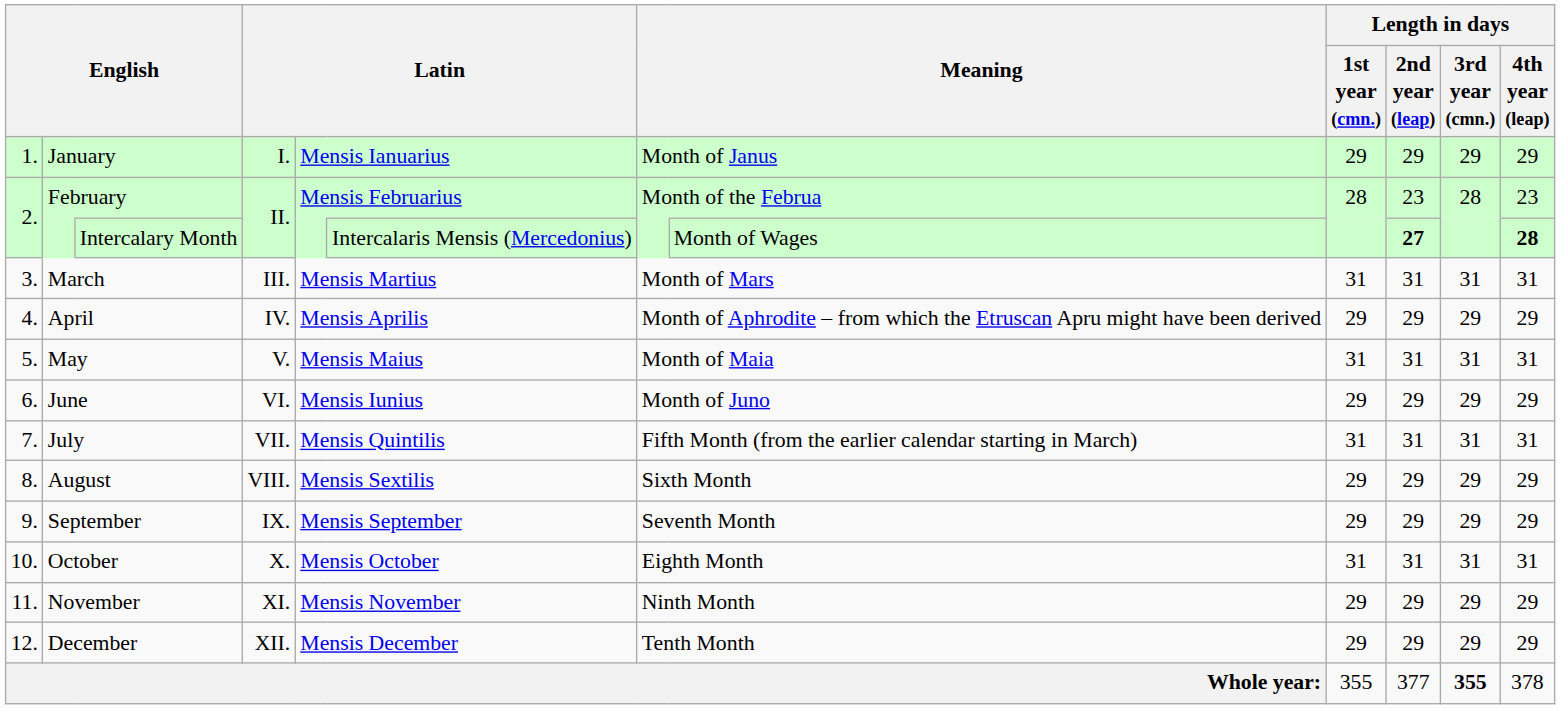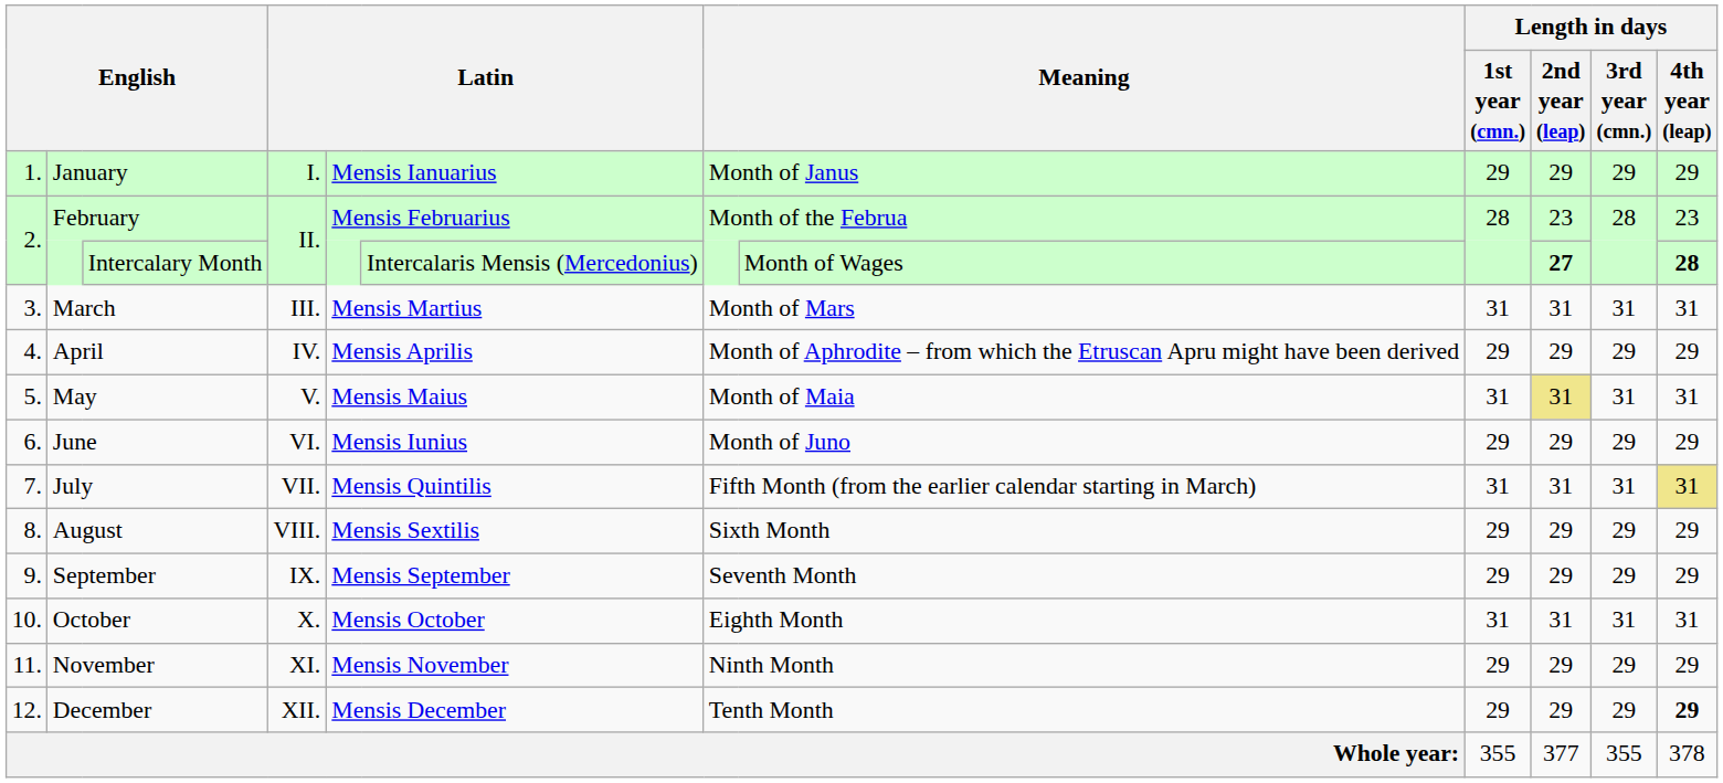 <table class="wikitable" style="margin:.5em auto;line-height:1.4">
 <tr>
 <th scope="col" colspan="3" rowspan="2">English</th>
 <th scope="col" colspan="3" rowspan="2">Latin</th>
 <th scope="col" colspan="2" rowspan="2">Meaning</th>
 <th scope="col" colspan="4">Length in days</th>
 </tr>
 <tr>
 <th scope="col" style="line-height:1.25">1st<br> year<br> <small>(<a href='#'>cmn.</a>)</small></th>
 <th scope="col" style="line-height:1.25">2nd<br> year<br> <small>(<a href='#'>leap</a>)</small></th>
 <th scope="col" style="line-height:1.25">3rd<br> year<br> <small>(cmn.)</small></th>
 <th scope="col" style="line-height:1.25">4th<br> year<br> <small>(leap)</small></th>
 </tr>
 <tr style="background:#CFC">
 <td style="text-align:right">1.</td>
 <td colspan="2">January</td>
 <td style="text-align:right">I.</td>
 <td colspan="2"><a href='#'>Mensis Ianuarius</a></td>
 <td colspan="2">Month of <a href='#'>Janus</a></td>
 <td style="text-align:center">29</td>
 <td style="text-align:center">29</td>
 <td style="text-align:center">29</td>
 <td style="text-align:center">29</td>
 </tr>
 <tr style="background:#CFC">
 <td rowspan="2" style="text-align:right">2.</td>
 <td colspan="2">February</td>
 <td rowspan="2" style="text-align:right">II.</td>
 <td colspan="2"><a href='#'>Mensis Februarius</a></td>
 <td colspan="2">Month of the <a href='#'>Februa</a></td>
 <td style="text-align:center">28</td>
 <td style="text-align:center">23</td>
 <td style="text-align:center">28</td>
 <td style="text-align:center">23</td>
 </tr>
 <tr style="background:#CFC">
 <td style="border-top:hidden;border-bottom:hidden;width:1em"> </td>
 <td>Intercalary Month</td>
 <td style="border-top:hidden;border-bottom:hidden;width:1em"> </td>
 <td>Intercalaris Mensis (<a href='#'>Mercedonius</a>)</td>
 <td style="border-top:hidden;border-bottom:hidden;width:1em"> </td>
 <td>Month of Wages</td>
 <td style="border-top:hidden;text-align:center"> </td>
 <td style="text-align:center"><strong>27</strong></td>
 <td style="border-top:hidden;text-align:center"> </td>
 <td style="text-align:center"><strong>28</strong></td>
 </tr>
 <tr>
 <td style="text-align:right">3.</td>
 <td colspan="2">March</td>
 <td style="text-align:right">III.</td>
 <td colspan="2"><a href='#'>Mensis Martius</a></td>
 <td colspan="2">Month of <a href='#'>Mars</a></td>
 <td style="text-align:center">31</td>
 <td style="text-align:center">31</td>
 <td style="text-align:center">31</td>
 <td style="text-align:center">31</td>
 </tr>
 <tr>
 <td style="text-align:right">4.</td>
 <td colspan="2">April</td>
 <td style="text-align:right">IV.</td>
 <td colspan="2"><a href='#'>Mensis Aprilis</a></td>
 <td colspan="2">Month of <a href='#'>Aphrodite</a> – from which the <a href='#'>Etruscan</a> Apru might have been derived</td>
 <td style="text-align:center">29</td>
 <td style="text-align:center">29</td>
 <td style="text-align:center">29</td>
 <td style="text-align:center">29</td>
 </tr>
 <tr>
 <td style="text-align:right">5.</td>
 <td colspan="2">May</td>
 <td style="text-align:right">V.</td>
 <td colspan="2"><a href='#'>Mensis Maius</a></td>
 <td colspan="2">Month of <a href='#'>Maia</a></td>
 <td style="text-align:center">31</td>
-<td style="text-align:center">31</td>
+<td style="background: khaki; text-align:center">31</td>
 <td style="text-align:center">31</td>
 <td style="text-align:center">31</td>
 </tr>
 <tr>
 <td style="text-align:right">6.</td>
 <td colspan="2">June</td>
 <td style="text-align:right">VI.</td>
 <td colspan="2"><a href='#'>Mensis Iunius</a></td>
 <td colspan="2">Month of <a href='#'>Juno</a></td>
 <td style="text-align:center">29</td>
 <td style="text-align:center">29</td>
 <td style="text-align:center">29</td>
 <td style="text-align:center">29</td>
 </tr>
 <tr>
 <td style="text-align:right">7.</td>
 <td colspan="2">July</td>
 <td style="text-align:right">VII.</td>
 <td colspan="2"><a href='#'>Mensis Quintilis</a></td>
 <td colspan="2">Fifth Month (from the earlier calendar starting in March)</td>
 <td style="text-align:center">31</td>
 <td style="text-align:center">31</td>
 <td style="text-align:center">31</td>
-<td style="text-align:center">31</td>
+<td style="background: khaki; text-align:center">31</td>
 </tr>
 <tr>
 <td style="text-align:right">8.</td>
 <td colspan="2">August</td>
 <td style="text-align:right">VIII.</td>
 <td colspan="2"><a href='#'>Mensis Sextilis</a></td>
 <td colspan="2">Sixth Month</td>
 <td style="text-align:center">29</td>
 <td style="text-align:center">29</td>
 <td style="text-align:center">29</td>
 <td style="text-align:center">29</td>
 </tr>
 <tr>
 <td style="text-align:right">9.</td>
 <td colspan="2">September</td>
 <td style="text-align:right">IX.</td>
 <td colspan="2"><a href='#'>Mensis September</a></td>
 <td colspan="2">Seventh Month</td>
 <td style="text-align:center">29</td>
 <td style="text-align:center">29</td>
 <td style="text-align:center">29</td>
 <td style="text-align:center">29</td>
 </tr>
 <tr>
 <td style="text-align:right">10.</td>
 <td colspan="2">October</td>
 <td style="text-align:right">X.</td>
 <td colspan="2"><a href='#'>Mensis October</a></td>
 <td colspan="2">Eighth Month</td>
 <td style="text-align:center">31</td>
 <td style="text-align:center">31</td>
 <td style="text-align:center">31</td>
 <td style="text-align:center">31</td>
 </tr>
 <tr>
 <td style="text-align:right">11.</td>
 <td colspan="2">November</td>
 <td style="text-align:right">XI.</td>
 <td colspan="2"><a href='#'>Mensis November</a></td>
 <td colspan="2">Ninth Month</td>
 <td style="text-align:center">29</td>
 <td style="text-align:center">29</td>
 <td style="text-align:center">29</td>
 <td style="text-align:center">29</td>
 </tr>
 <tr>
 <td style="text-align:right">12.</td>
 <td colspan="2">December</td>
 <td style="text-align:right">XII.</td>
 <td colspan="2"><a href='#'>Mensis December</a></td>
 <td colspan="2">Tenth Month</td>
 <td style="text-align:center">29</td>
 <td style="text-align:center">29</td>
 <td style="text-align:center">29</td>
-<td style="text-align:center">29</td>
+<td style="text-align:center"><strong>29</strong></td>
 </tr>
 <tr>
 <th scope="row" colspan="8" style="text-align:right">Whole year:</th>
 <td style="text-align:center">355</td>
 <td style="text-align:center">377</td>
-<td style="text-align:center"><strong>355</strong></td>
+<td style="text-align:center">355</td>
 <td style="text-align:center">378</td>
 </tr>
 </table>
